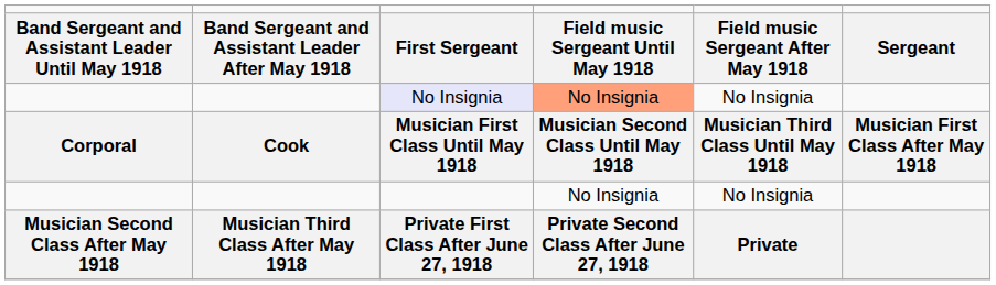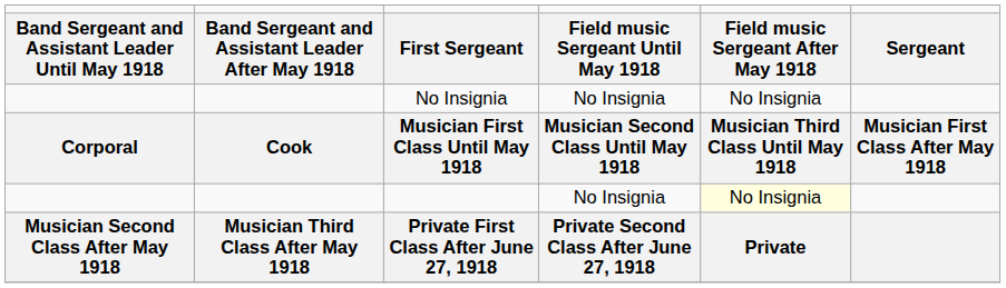 <table class="wikitable" style="text-align:center">
 <tr>
 <td></td>
 <td></td>
 <td></td>
 <td></td>
 <td></td>
 <td></td>
 </tr>
 <tr>
 <th>Band Sergeant and Assistant Leader Until May 1918</th>
 <th>Band Sergeant and Assistant Leader After May 1918</th>
 <th>First Sergeant</th>
 <th>Field music Sergeant Until May 1918</th>
 <th>Field music Sergeant After May 1918</th>
 <th>Sergeant</th>
 </tr>
 <tr>
 <td></td>
 <td></td>
-<td style="background: lavender;">No Insignia</td>
-<td style="background: lightsalmon;">No Insignia</td>
+<td>No Insignia</td>
+<td>No Insignia</td>
 <td>No Insignia</td>
 <td></td>
 </tr>
 <tr>
 <th>Corporal</th>
 <th>Cook</th>
 <th>Musician First Class Until May 1918</th>
 <th>Musician Second Class Until May 1918</th>
 <th>Musician Third Class Until May 1918</th>
 <th>Musician First Class  After May 1918</th>
 </tr>
 <tr>
 <td></td>
 <td></td>
 <td></td>
 <td>No Insignia</td>
-<td>No Insignia</td>
+<td style="background: lightyellow;">No Insignia</td>
 <td></td>
 </tr>
 <tr>
 <th>Musician Second Class After May 1918</th>
 <th>Musician Third Class After May 1918</th>
 <th>Private First Class After June 27, 1918</th>
 <th>Private Second Class After June 27, 1918</th>
 <th>Private</th>
 <th></th>
 </tr>
 <tr>
 </tr>
 </table>
